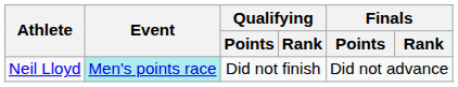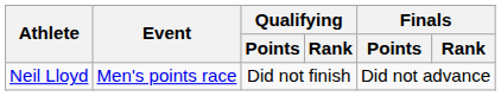 <table class=wikitable style="font-size:90%">
 <tr>
 <th rowspan="2">Athlete</th>
 <th rowspan="2">Event</th>
 <th colspan="2">Qualifying</th>
 <th colspan="2">Finals</th>
 </tr>
 <tr>
 <th>Points</th>
 <th>Rank</th>
 <th>Points</th>
 <th>Rank</th>
 </tr>
 <tr>
 <td><a href='#'>Neil Lloyd</a></td>
-<td style="background: paleturquoise;"><a href='#'>Men's points race</a></td>
+<td><a href='#'>Men's points race</a></td>
 <td align=center colspan=2>Did not finish</td>
 <td colspan=2 align=center>Did not advance</td>
 </tr>
 </table>
